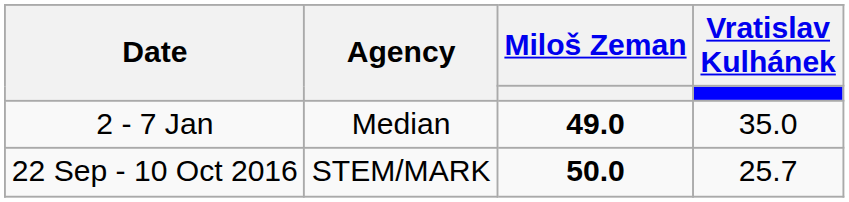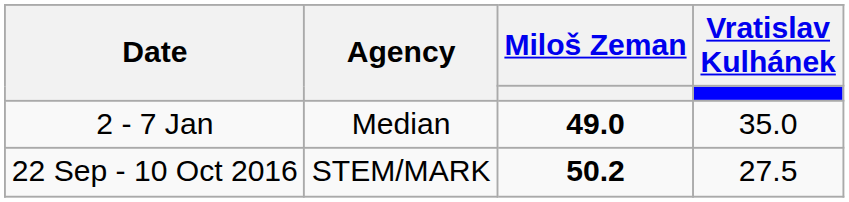 <table class="wikitable collapsible collapsed" style=text-align:center>
 <tr>
 <th rowspan="2">Date</th>
 <th rowspan="2">Agency</th>
 <th><a href='#'>Miloš Zeman</a></th>
 <th><a href='#'>Vratislav Kulhánek</a></th>
 </tr>
 <tr>
 <th style="background:"></th>
 <th style="background:#0000FF; width:40px;"></th>
 </tr>
 <tr>
 <td>2 - 7 Jan</td>
 <td>Median</td>
 <td><strong>49.0</strong></td>
 <td>35.0</td>
 </tr>
 <tr>
 <td>22 Sep - 10 Oct 2016</td>
 <td>STEM/MARK</td>
-<td><strong>50.0</strong></td>
-<td>25.7</td>
+<td><strong>50.2</strong></td>
+<td>27.5</td>
 </tr>
 </table>
